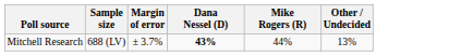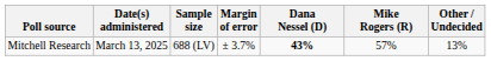 <table class="wikitable" style="font-size:90%;text-align:center;">
 <tr valign=bottom>
 <th>Poll source</th>
+<th>Date(s)<br>administered</th>
 <th>Sample<br>size</th>
 <th>Margin<br>of error</th>
 <th style="width:100px;">Dana<br>Nessel (D)</th>
 <th style="width:100px;">Mike<br>Rogers (R)</th>
 <th>Other /<br>Undecided</th>
 </tr>
 <tr>
 <td style="text-align:left;">Mitchell Research</td>
+<td>March 13, 2025</td>
 <td>688 (LV)</td>
 <td>± 3.7%</td>
 <td style="background-color:"><strong>43%</strong></td>
-<td>44%</td>
+<td>57%</td>
 <td>13%</td>
 </tr>
 </table>
